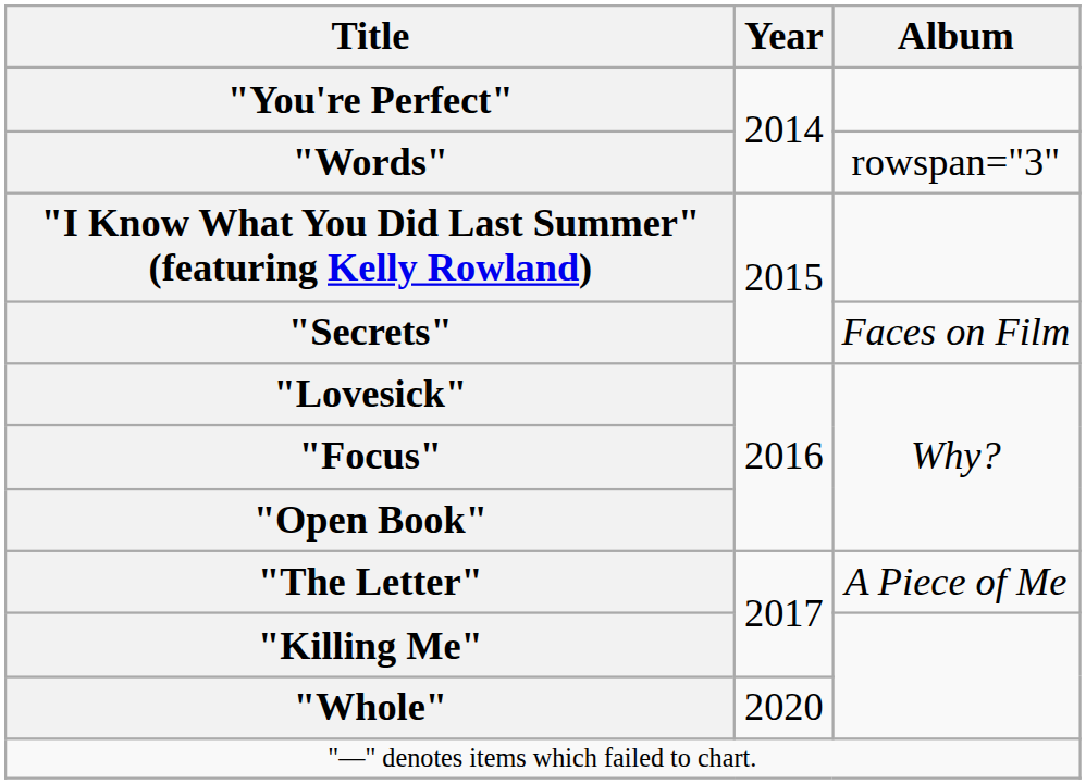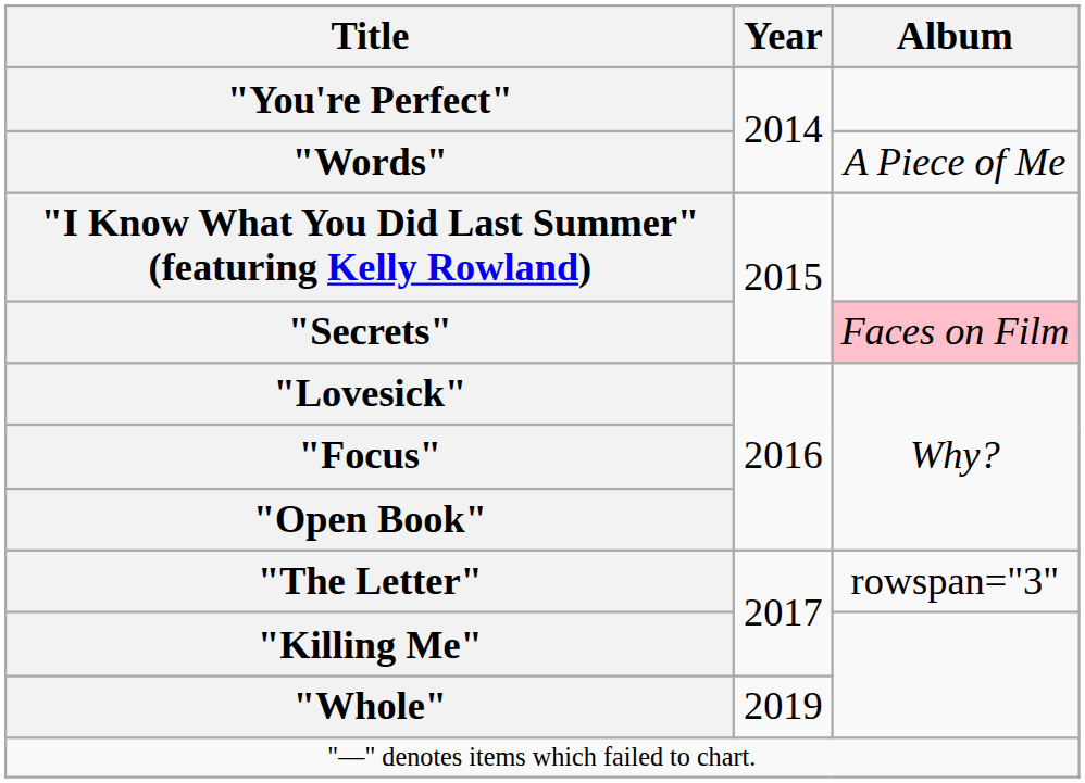 <table class="wikitable plainrowheaders" style="text-align:center;">
 <tr>
 <th scope="col" style="width:18em;">Title</th>
 <th scope="col">Year</th>
 <th scope="col">Album</th>
 </tr>
 <tr>
 <th scope="row">"You're Perfect"</th>
 <td rowspan="2">2014</td>
 <td></td>
 </tr>
 <tr>
 <th scope="row">"Words"</th>
-<td>rowspan="3" </td>
+<td><em>A Piece of Me</em></td>
 </tr>
 <tr>
 <th scope="row">"I Know What You Did Last Summer"<br><span>(featuring <a href='#'>Kelly Rowland</a>)</span></th>
 <td rowspan="2">2015</td>
 <td></td>
 </tr>
 <tr>
 <th scope="row">"Secrets"</th>
-<td><em>Faces on Film</em></td>
+<td style="background: pink;"><em>Faces on Film</em></td>
 </tr>
 <tr>
 <th scope="row">"Lovesick"</th>
 <td rowspan="3">2016</td>
 <td rowspan="3"><em>Why?</em></td>
 </tr>
 <tr>
 <th scope="row">"Focus"</th>
 </tr>
 <tr>
 <th scope="row">"Open Book"</th>
 </tr>
 <tr>
 <th scope="row">"The Letter"</th>
 <td rowspan="2">2017</td>
-<td><em>A Piece of Me</em></td>
+<td>rowspan="3" </td>
 </tr>
 <tr>
 <th scope="row">"Killing Me"</th>
 </tr>
 <tr>
 <th scope="row">"Whole"</th>
-<td>2020</td>
+<td>2019</td>
 </tr>
 <tr>
 <td colspan="4" style="font-size:8pt;">"—" denotes items which failed to chart.</td>
 </tr>
 </table>
